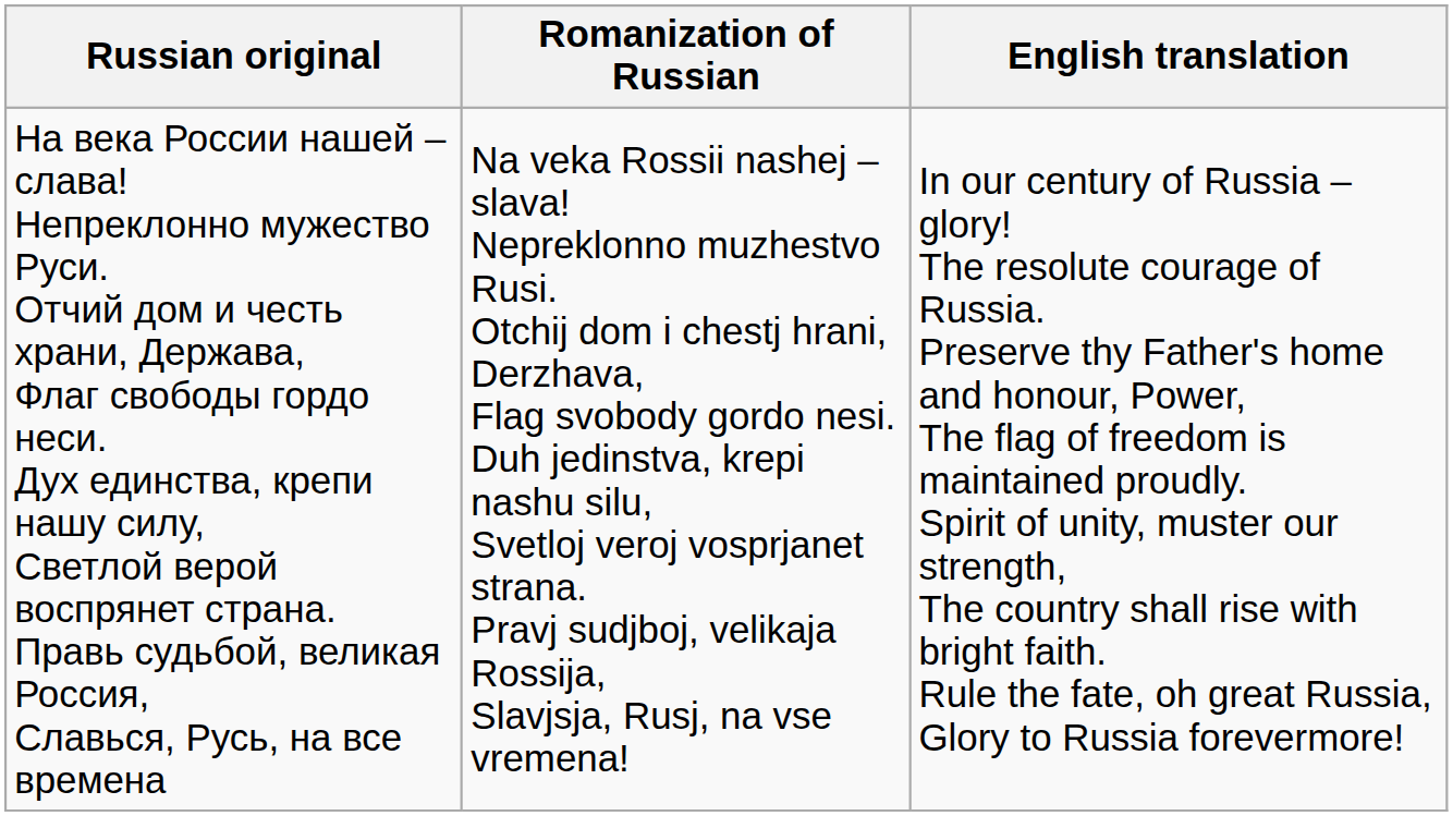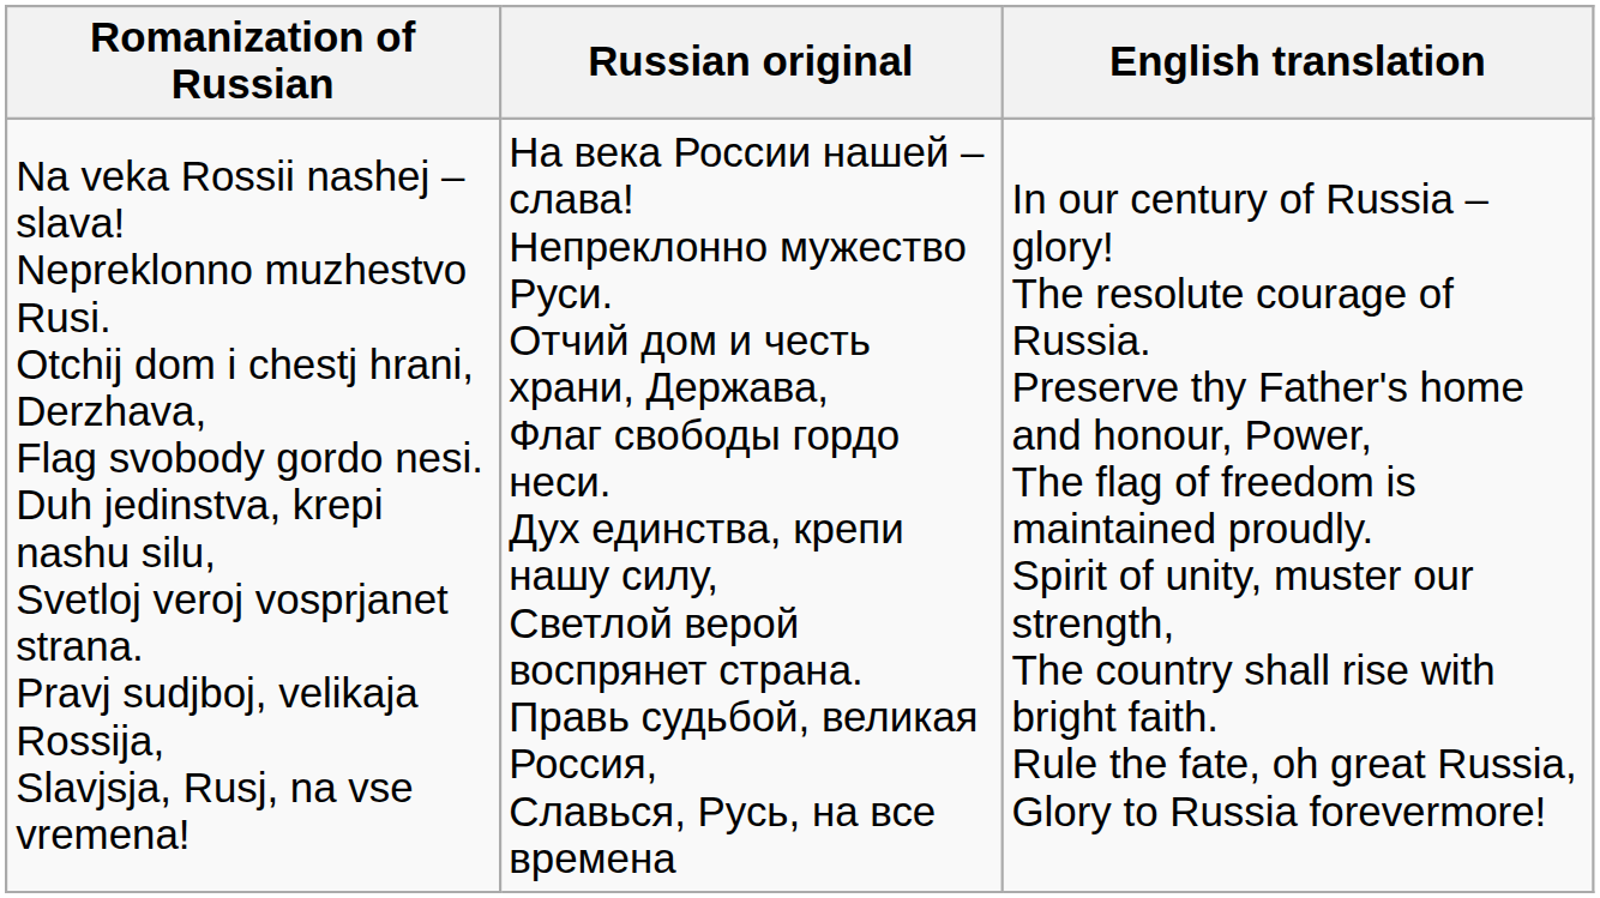 <table class="wikitable">
 <tr>
+<th>Romanization of Russian</th>
 <th>Russian original</th>
-<th>Romanization of Russian</th>
 <th>English translation</th>
 </tr>
 <tr>
+<td>Na veka Rossii nashej – slava!<br>Nepreklonno muzhestvo Rusi.<br>Otchij dom i chestj hrani, Derzhava,<br>Flag svobody gordo nesi.<br>Duh jedinstva, krepi nashu silu,<br>Svetloj veroj vosprjanet strana.<br>Pravj sudjboj, velikaja Rossija,<br>Slavjsja, Rusj, na vse vremena!</td>
 <td>На века России нашей – слава!<br>Непреклонно мужество Руси.<br>Отчий дом и честь храни, Держава,<br>Флаг свободы гордо неси.<br>Дух единства, крепи нашу силу,<br>Светлой верой воспрянет страна.<br>Правь судьбой, великая Россия,<br>Славься, Русь, на все времена</td>
-<td>Na veka Rossii nashej – slava!<br>Nepreklonno muzhestvo Rusi.<br>Otchij dom i chestj hrani, Derzhava,<br>Flag svobody gordo nesi.<br>Duh jedinstva, krepi nashu silu,<br>Svetloj veroj vosprjanet strana.<br>Pravj sudjboj, velikaja Rossija,<br>Slavjsja, Rusj, na vse vremena!</td>
 <td>In our century of Russia – glory!<br>The resolute courage of Russia.<br>Preserve thy Father's home and honour, Power,<br>The flag of freedom is maintained proudly.<br>Spirit of unity, muster our strength,<br>The country shall rise with bright faith.<br>Rule the fate, oh great Russia,<br>Glory to Russia forevermore!</td>
 </tr>
 </table>
